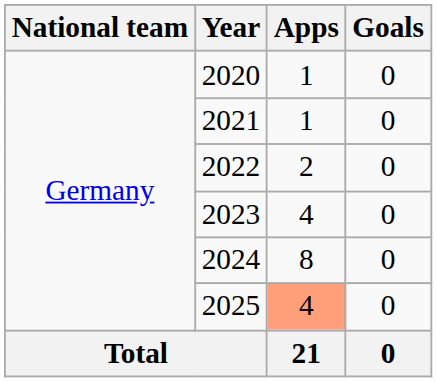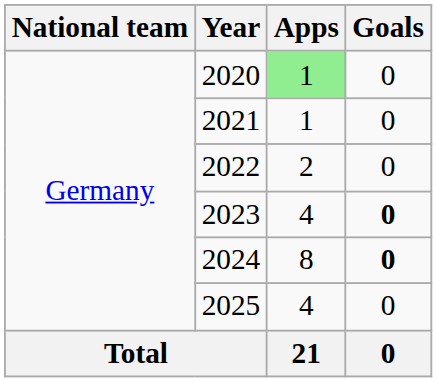 <table class="wikitable" style="text-align:center">
 <tr>
 <th>National team</th>
 <th>Year</th>
 <th>Apps</th>
 <th>Goals</th>
 </tr>
 <tr>
 <td rowspan="6"><a href='#'>Germany</a></td>
 <td>2020</td>
-<td>1</td>
+<td style="background: lightgreen;">1</td>
 <td>0</td>
 </tr>
 <tr>
 <td>2021</td>
 <td>1</td>
 <td>0</td>
 </tr>
 <tr>
 <td>2022</td>
 <td>2</td>
 <td>0</td>
 </tr>
 <tr>
 <td>2023</td>
 <td>4</td>
-<td>0</td>
+<td><strong>0</strong></td>
 </tr>
 <tr>
 <td>2024</td>
 <td>8</td>
-<td>0</td>
+<td><strong>0</strong></td>
 </tr>
 <tr>
 <td>2025</td>
-<td style="background: lightsalmon;">4</td>
+<td>4</td>
 <td>0</td>
 </tr>
 <tr>
 <th colspan="2">Total</th>
 <th>21</th>
 <th>0</th>
 </tr>
 </table>
